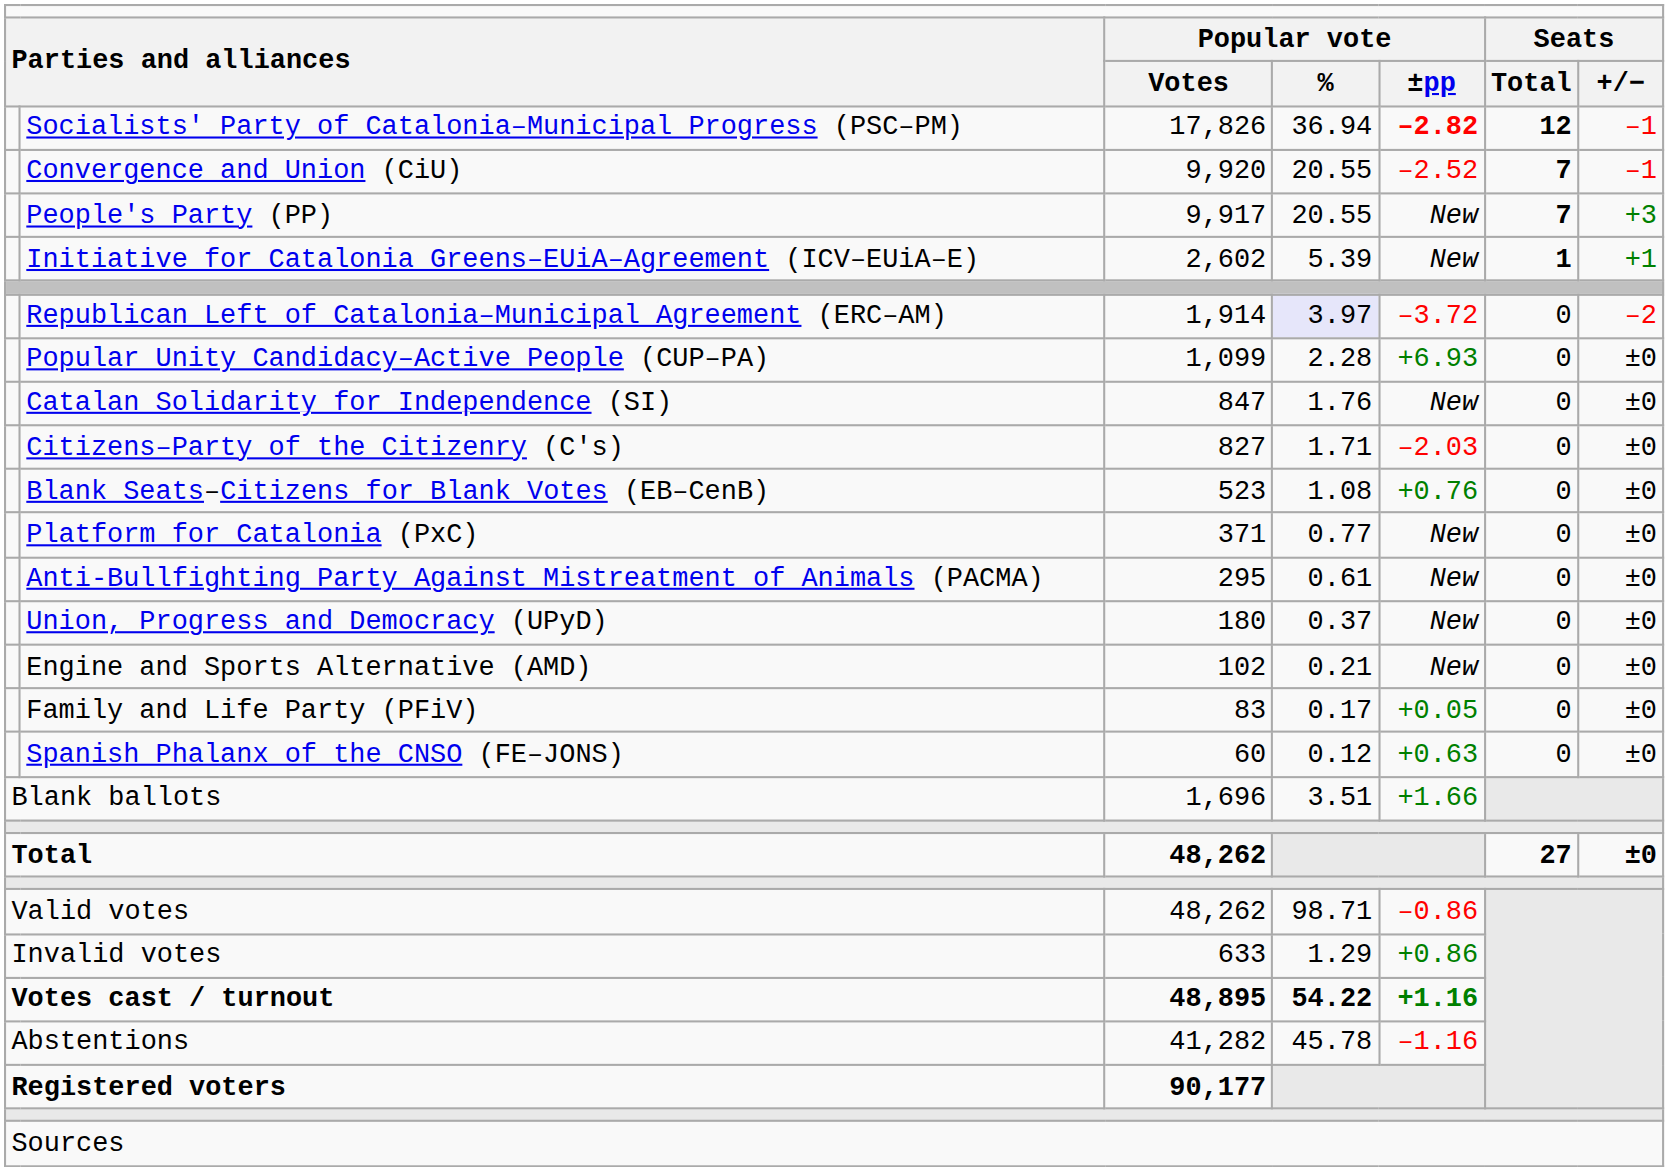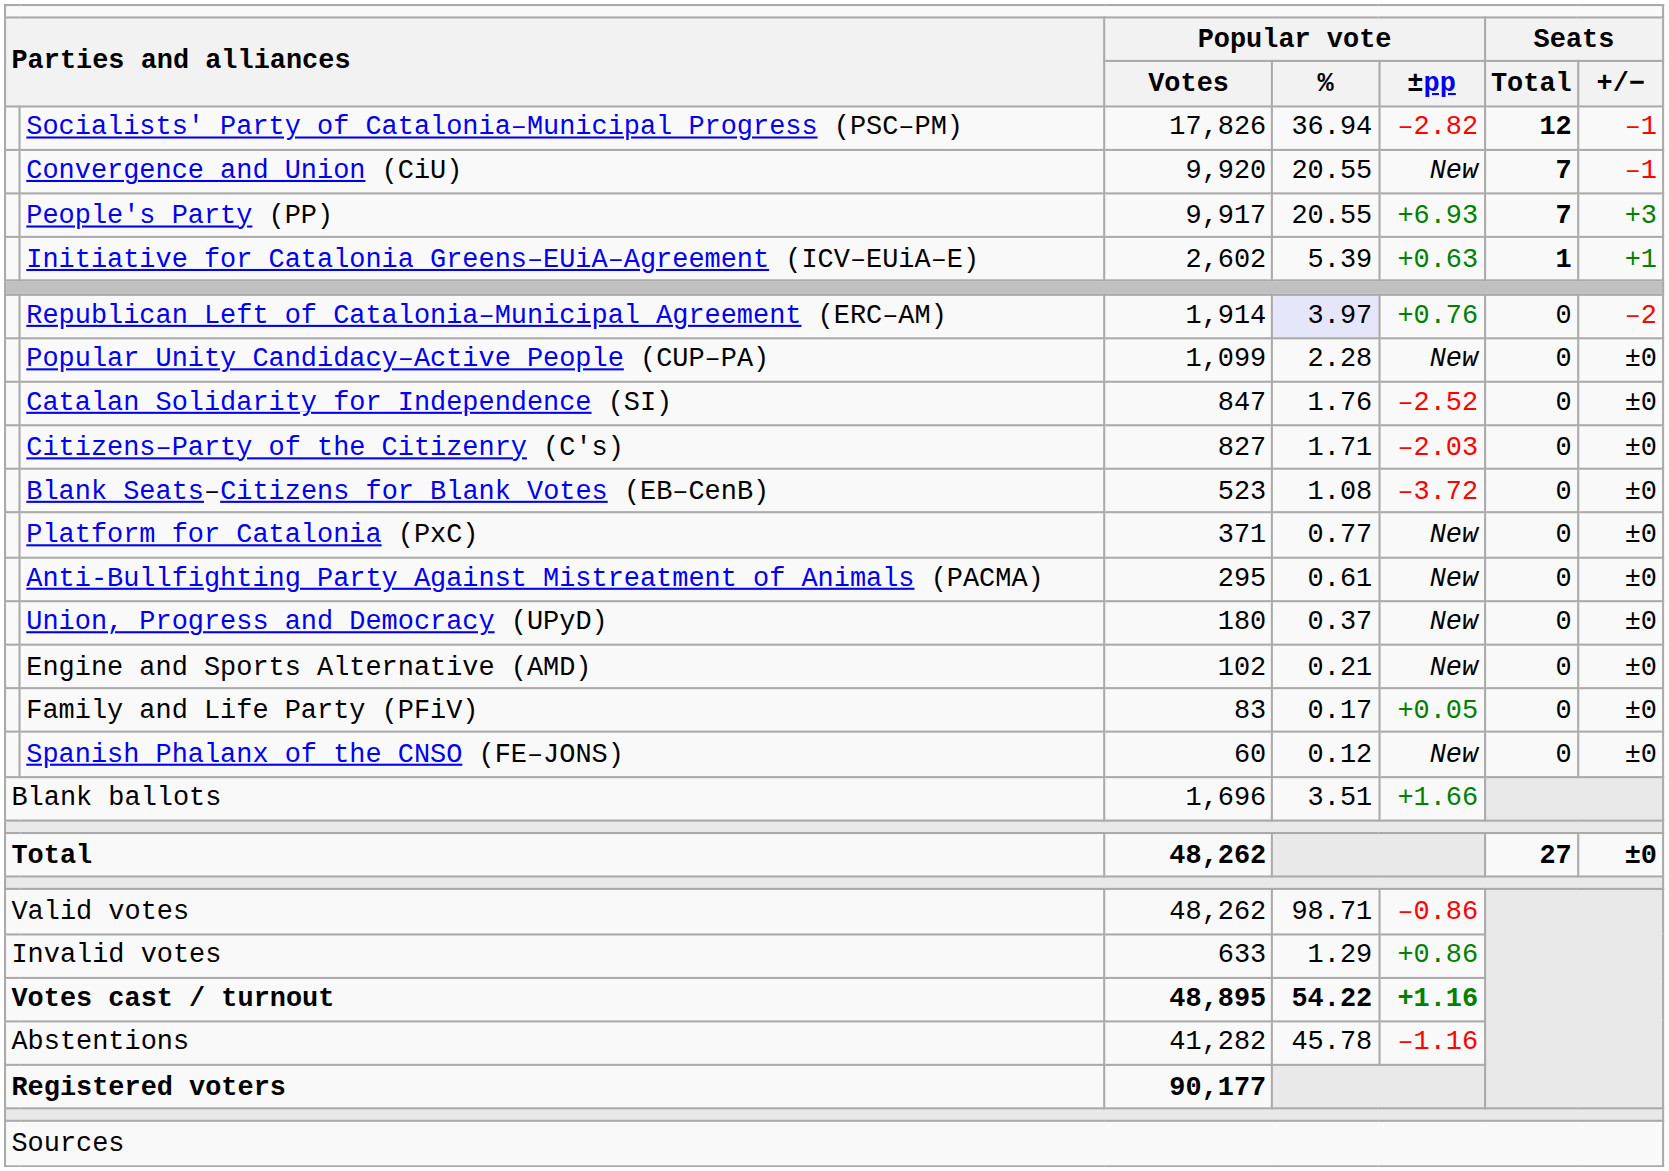 <table class="wikitable" style="text-align:right;">
 <tr>
 <td colspan="7"></td>
 </tr>
 <tr>
 <th style="text-align:left;" rowspan="2" colspan="2" width="525">Parties and alliances</th>
 <th colspan="3">Popular vote</th>
 <th colspan="2">Seats</th>
 </tr>
 <tr>
 <th width="75">Votes</th>
 <th width="45">%</th>
 <th width="45">±<a href='#'>pp</a></th>
 <th width="35">Total</th>
 <th width="35">+/−</th>
 </tr>
 <tr>
 <td width="1" style="color:inherit;background:"></td>
 <td align="left"><a href='#'>Socialists' Party of Catalonia–Municipal Progress</a> (PSC–PM)</td>
 <td>17,826</td>
 <td>36.94</td>
-<td style="color:red;"><strong>–2.82</strong></td>
+<td style="color:red;">–2.82</td>
 <td><strong>12</strong></td>
 <td style="color:red;">–1</td>
 </tr>
 <tr>
 <td style="color:inherit;background:"></td>
 <td align="left"><a href='#'>Convergence and Union</a> (CiU)</td>
 <td>9,920</td>
 <td>20.55</td>
-<td style="color:red;">–2.52</td>
+<td><em>New</em></td>
 <td><strong>7</strong></td>
 <td style="color:red;">–1</td>
 </tr>
 <tr>
 <td style="color:inherit;background:"></td>
 <td align="left"><a href='#'>People's Party</a> (PP)</td>
 <td>9,917</td>
 <td>20.55</td>
-<td><em>New</em></td>
+<td style="color:green;">+6.93</td>
 <td><strong>7</strong></td>
 <td style="color:green;">+3</td>
 </tr>
 <tr>
 <td style="color:inherit;background:"></td>
 <td align="left"><a href='#'>Initiative for Catalonia Greens–EUiA–Agreement</a> (ICV–EUiA–E)</td>
 <td>2,602</td>
 <td>5.39</td>
-<td><em>New</em></td>
+<td style="color:green;">+0.63</td>
 <td><strong>1</strong></td>
 <td style="color:green;">+1</td>
 </tr>
 <tr>
 <td colspan="7" style="color:inherit;background:#C0C0C0"></td>
 </tr>
 <tr>
 <td style="color:inherit;background:"></td>
 <td align="left"><a href='#'>Republican Left of Catalonia–Municipal Agreement</a> (ERC–AM)</td>
 <td>1,914</td>
 <td style="background: lavender;">3.97</td>
-<td style="color:red;">–3.72</td>
+<td style="color:green;">+0.76</td>
 <td>0</td>
 <td style="color:red;">–2</td>
 </tr>
 <tr>
 <td style="color:inherit;background:"></td>
 <td align="left"><a href='#'>Popular Unity Candidacy–Active People</a> (CUP–PA)</td>
 <td>1,099</td>
 <td>2.28</td>
-<td style="color:green;">+6.93</td>
+<td><em>New</em></td>
 <td>0</td>
 <td>±0</td>
 </tr>
 <tr>
 <td style="color:inherit;background:"></td>
 <td align="left"><a href='#'>Catalan Solidarity for Independence</a> (SI)</td>
 <td>847</td>
 <td>1.76</td>
-<td><em>New</em></td>
+<td style="color:red;">–2.52</td>
 <td>0</td>
 <td>±0</td>
 </tr>
 <tr>
 <td style="color:inherit;background:"></td>
 <td align="left"><a href='#'>Citizens–Party of the Citizenry</a> (C's)</td>
 <td>827</td>
 <td>1.71</td>
 <td style="color:red;">–2.03</td>
 <td>0</td>
 <td>±0</td>
 </tr>
 <tr>
 <td style="color:inherit;background:"></td>
 <td align="left"><a href='#'>Blank Seats</a>–<a href='#'>Citizens for Blank Votes</a> (EB–CenB)</td>
 <td>523</td>
 <td>1.08</td>
-<td style="color:green;">+0.76</td>
+<td style="color:red;">–3.72</td>
 <td>0</td>
 <td>±0</td>
 </tr>
 <tr>
 <td style="color:inherit;background:"></td>
 <td align="left"><a href='#'>Platform for Catalonia</a> (PxC)</td>
 <td>371</td>
 <td>0.77</td>
 <td><em>New</em></td>
 <td>0</td>
 <td>±0</td>
 </tr>
 <tr>
 <td style="color:inherit;background:"></td>
 <td align="left"><a href='#'>Anti-Bullfighting Party Against Mistreatment of Animals</a> (PACMA)</td>
 <td>295</td>
 <td>0.61</td>
 <td><em>New</em></td>
 <td>0</td>
 <td>±0</td>
 </tr>
 <tr>
 <td style="color:inherit;background:"></td>
 <td align="left"><a href='#'>Union, Progress and Democracy</a> (UPyD)</td>
 <td>180</td>
 <td>0.37</td>
 <td><em>New</em></td>
 <td>0</td>
 <td>±0</td>
 </tr>
 <tr>
 <td style="color:inherit;background:"></td>
 <td align="left">Engine and Sports Alternative (AMD)</td>
 <td>102</td>
 <td>0.21</td>
 <td><em>New</em></td>
 <td>0</td>
 <td>±0</td>
 </tr>
 <tr>
 <td style="color:inherit;background:"></td>
 <td align="left">Family and Life Party (PFiV)</td>
 <td>83</td>
 <td>0.17</td>
 <td style="color:green;">+0.05</td>
 <td>0</td>
 <td>±0</td>
 </tr>
 <tr>
 <td style="color:inherit;background:"></td>
 <td align="left"><a href='#'>Spanish Phalanx of the CNSO</a> (FE–JONS)</td>
 <td>60</td>
 <td>0.12</td>
-<td style="color:green;">+0.63</td>
+<td><em>New</em></td>
 <td>0</td>
 <td>±0</td>
 </tr>
 <tr>
 <td align="left" colspan="2">Blank ballots</td>
 <td>1,696</td>
 <td>3.51</td>
 <td style="color:green;">+1.66</td>
 <td style="color:inherit;background:#E9E9E9" colspan="2"></td>
 </tr>
 <tr>
 <td colspan="7" style="color:inherit;background:#E9E9E9"></td>
 </tr>
 <tr style="font-weight:bold;">
 <td align="left" colspan="2">Total</td>
 <td>48,262</td>
 <td bgcolor="#E9E9E9" colspan="2"></td>
 <td>27</td>
 <td>±0</td>
 </tr>
 <tr>
 <td colspan="7" style="color:inherit;background:#E9E9E9"></td>
 </tr>
 <tr>
 <td align="left" colspan="2">Valid votes</td>
 <td>48,262</td>
 <td>98.71</td>
 <td style="color:red;">–0.86</td>
 <td bgcolor="#E9E9E9" colspan="2" rowspan="5"></td>
 </tr>
 <tr>
 <td align="left" colspan="2">Invalid votes</td>
 <td>633</td>
 <td>1.29</td>
 <td style="color:green;">+0.86</td>
 </tr>
 <tr style="font-weight:bold;">
 <td align="left" colspan="2">Votes cast / turnout</td>
 <td>48,895</td>
 <td>54.22</td>
 <td style="color:green;">+1.16</td>
 </tr>
 <tr>
 <td align="left" colspan="2">Abstentions</td>
 <td>41,282</td>
 <td>45.78</td>
 <td style="color:red;">–1.16</td>
 </tr>
 <tr style="font-weight:bold;">
 <td align="left" colspan="2">Registered voters</td>
 <td>90,177</td>
 <td bgcolor="#E9E9E9" colspan="2"></td>
 </tr>
 <tr>
 <td colspan="7" style="color:inherit;background:#E9E9E9"></td>
 </tr>
 <tr>
 <td align="left" colspan="7">Sources</td>
 </tr>
 </table>
